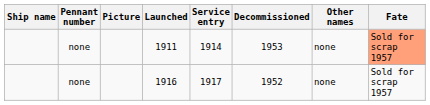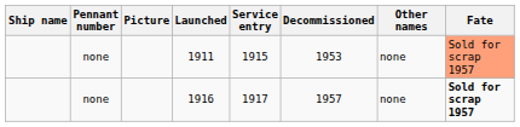 <table class="wikitable">
 <tr>
 <th width="20%">Ship name</th>
 <th width="10%">Pennant number</th>
 <th>Picture</th>
 <th width="10%">Launched</th>
 <th width="10%">Service entry</th>
 <th width="10%">Decommissioned</th>
 <th width="20%">Other names</th>
 <th width="20%">Fate</th>
 </tr>
 <tr>
 <td align="left"></td>
 <td align="center">none</td>
 <td></td>
 <td align="center">1911</td>
-<td align="center">1914</td>
+<td align="center">1915</td>
 <td align="center">1953</td>
 <td align="left">none</td>
 <td align="left" style="background: lightsalmon;">Sold for scrap 1957</td>
 </tr>
 <tr>
 <td align="left"></td>
 <td align="center">none</td>
 <td></td>
 <td align="center">1916</td>
 <td align="center">1917</td>
-<td align="center">1952</td>
+<td align="center">1957</td>
 <td align="left">none</td>
-<td align="left">Sold for scrap 1957</td>
+<td align="left"><strong>Sold for scrap 1957</strong></td>
 </tr>
 </table>
